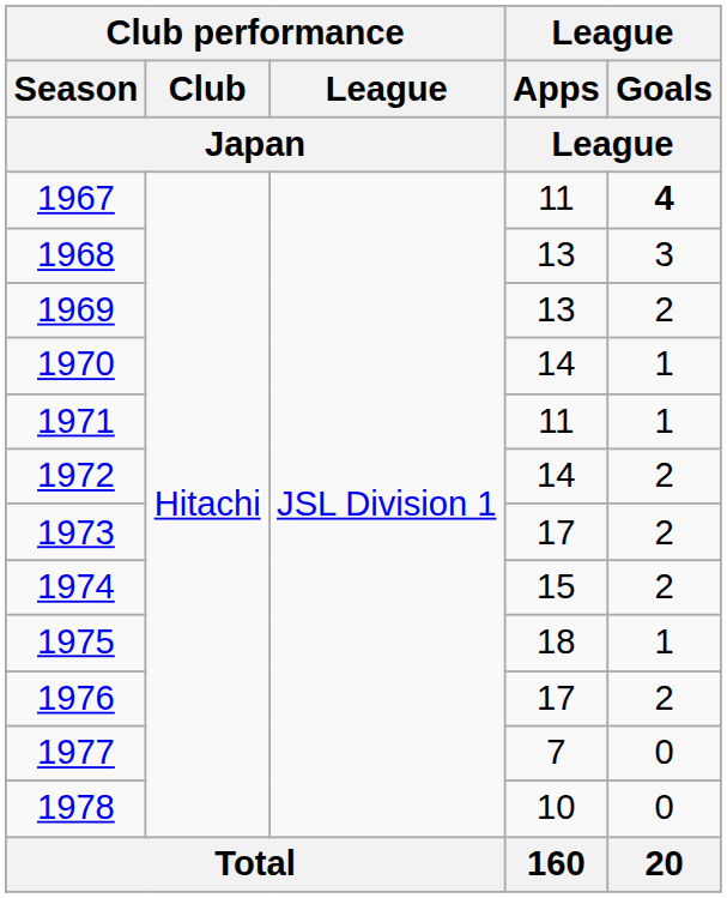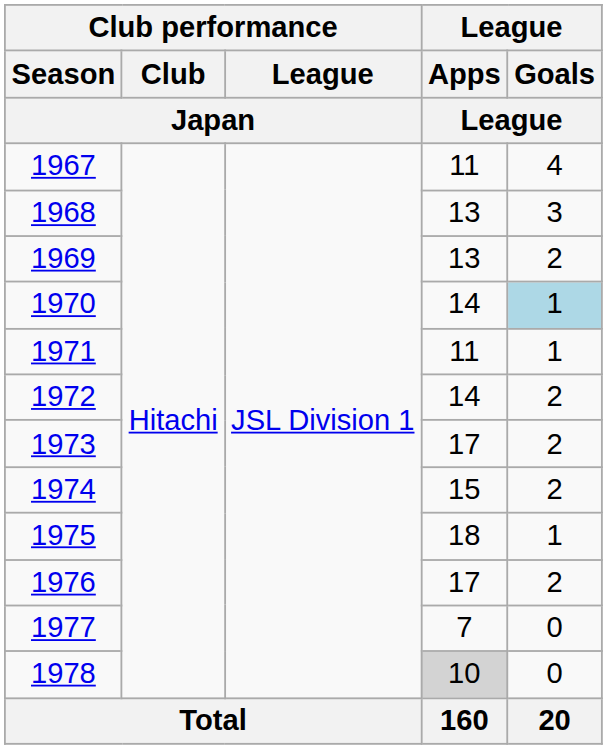 <table class="wikitable" style="text-align:center;">
 <tr>
 <th colspan=3>Club performance</th>
 <th colspan=2>League</th>
 </tr>
 <tr>
 <th>Season</th>
 <th>Club</th>
 <th>League</th>
 <th>Apps</th>
 <th>Goals</th>
 </tr>
 <tr>
 <th colspan=3>Japan</th>
 <th colspan=2>League</th>
 </tr>
 <tr>
 <td><a href='#'>1967</a></td>
 <td rowspan="12"><a href='#'>Hitachi</a></td>
 <td rowspan="12"><a href='#'>JSL Division 1</a></td>
 <td>11</td>
-<td><strong>4</strong></td>
+<td>4</td>
 </tr>
 <tr>
 <td><a href='#'>1968</a></td>
 <td>13</td>
 <td>3</td>
 </tr>
 <tr>
 <td><a href='#'>1969</a></td>
 <td>13</td>
 <td>2</td>
 </tr>
 <tr>
 <td><a href='#'>1970</a></td>
 <td>14</td>
-<td>1</td>
+<td style="background: lightblue;">1</td>
 </tr>
 <tr>
 <td><a href='#'>1971</a></td>
 <td>11</td>
 <td>1</td>
 </tr>
 <tr>
 <td><a href='#'>1972</a></td>
 <td>14</td>
 <td>2</td>
 </tr>
 <tr>
 <td><a href='#'>1973</a></td>
 <td>17</td>
 <td>2</td>
 </tr>
 <tr>
 <td><a href='#'>1974</a></td>
 <td>15</td>
 <td>2</td>
 </tr>
 <tr>
 <td><a href='#'>1975</a></td>
 <td>18</td>
 <td>1</td>
 </tr>
 <tr>
 <td><a href='#'>1976</a></td>
 <td>17</td>
 <td>2</td>
 </tr>
 <tr>
 <td><a href='#'>1977</a></td>
 <td>7</td>
 <td>0</td>
 </tr>
 <tr>
 <td><a href='#'>1978</a></td>
-<td>10</td>
+<td style="background: lightgrey;">10</td>
 <td>0</td>
 </tr>
 <tr>
 <th colspan=3>Total</th>
 <th>160</th>
 <th>20</th>
 </tr>
 </table>
